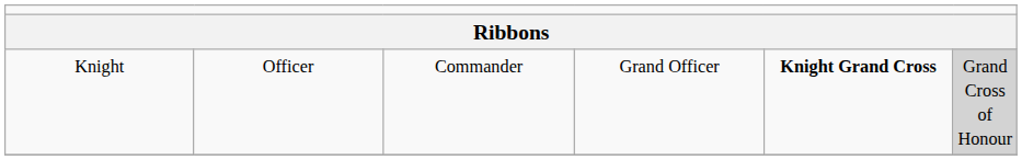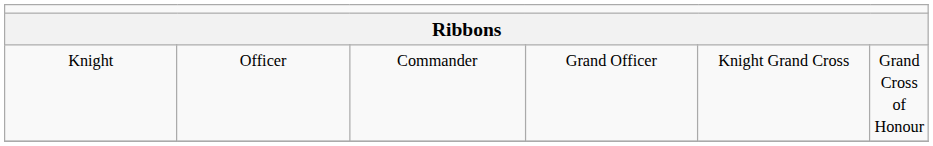 <table align=center class=wikitable width=60%>
 <tr>
 <td colspan="6" align="center"></td>
 </tr>
 <tr>
 <th colspan=6>Ribbons</th>
 </tr>
 <tr>
 <td width=20% valign=top align=center><small>Knight</small></td>
 <td width=20% valign=top align=center><small>Officer</small></td>
 <td width=20% valign=top align=center><small>Commander</small></td>
 <td width=20% valign=top align=center><small>Grand Officer</small></td>
-<td width=20% valign=top align=center><strong><small>Knight Grand Cross</small></strong></td>
-<td width=20% valign=top align=center style="background: lightgrey;"><small>Grand Cross of Honour</small></td>
+<td width=20% valign=top align=center><small>Knight Grand Cross</small></td>
+<td width=20% valign=top align=center><small>Grand Cross of Honour</small></td>
 </tr>
 <tr>
 </tr>
 </table>
